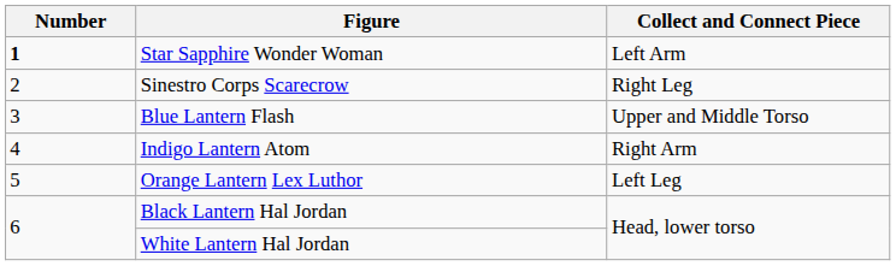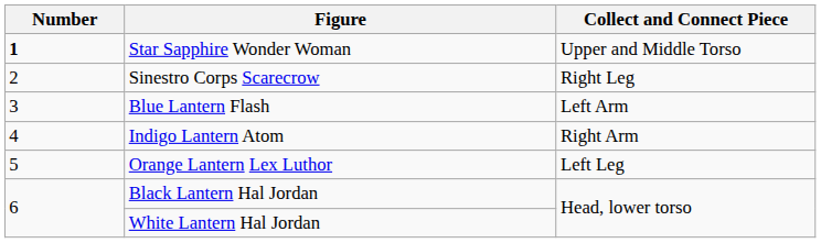 <table class="wikitable" style="width:80%;">
 <tr>
 <th width=5%><strong>Number</strong></th>
 <th width=25%><strong>Figure</strong></th>
 <th width=15%><strong>Collect and Connect Piece</strong></th>
 </tr>
 <tr>
 <td><strong>1</strong></td>
 <td><a href='#'>Star Sapphire</a> Wonder Woman</td>
-<td>Left Arm</td>
+<td>Upper and Middle Torso</td>
 </tr>
 <tr>
 <td>2</td>
 <td>Sinestro Corps <a href='#'>Scarecrow</a></td>
 <td>Right Leg</td>
 </tr>
 <tr>
 <td>3</td>
 <td><a href='#'>Blue Lantern</a> Flash</td>
-<td>Upper and Middle Torso</td>
+<td>Left Arm</td>
 </tr>
 <tr>
 <td>4</td>
 <td><a href='#'>Indigo Lantern</a> Atom</td>
 <td>Right Arm</td>
 </tr>
 <tr>
 <td>5</td>
 <td><a href='#'>Orange Lantern</a> <a href='#'>Lex Luthor</a></td>
 <td>Left Leg</td>
 </tr>
 <tr>
 <td rowspan=2>6</td>
 <td><a href='#'>Black Lantern</a> Hal Jordan</td>
 <td rowspan=2>Head, lower torso</td>
 </tr>
 <tr>
 <td><a href='#'>White Lantern</a> Hal Jordan</td>
 </tr>
 </table>
